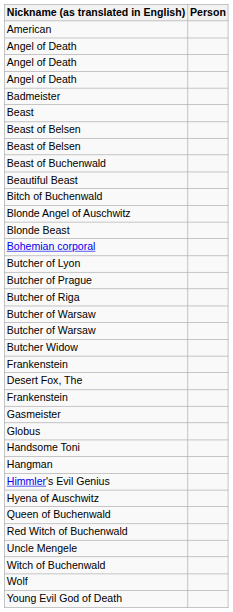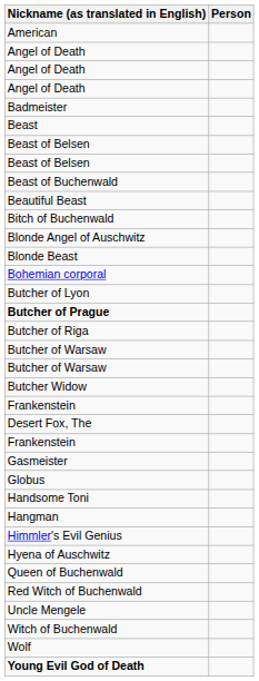 <table class="wikitable sortable plainrowheaders" style="text-align:left">
 <tr>
 <th scope="col">Nickname (as translated in English)</th>
 <th scope="col">Person</th>
 </tr>
 <tr>
 <td>American</td>
 <td></td>
 </tr>
 <tr>
 <td>Angel of Death</td>
 <td></td>
 </tr>
 <tr>
 <td>Angel of Death</td>
 <td></td>
 </tr>
 <tr>
 <td>Angel of Death</td>
 <td></td>
 </tr>
 <tr>
 <td>Badmeister</td>
 <td></td>
 </tr>
 <tr>
 <td>Beast</td>
 <td></td>
 </tr>
 <tr>
 <td>Beast of Belsen</td>
 <td></td>
 </tr>
 <tr>
 <td>Beast of Belsen</td>
 <td></td>
 </tr>
 <tr>
 <td>Beast of Buchenwald</td>
 <td></td>
 </tr>
 <tr>
 <td>Beautiful Beast</td>
 <td></td>
 </tr>
 <tr>
 <td>Bitch of Buchenwald</td>
 <td></td>
 </tr>
 <tr>
 <td>Blonde Angel of Auschwitz</td>
 <td></td>
 </tr>
 <tr>
 <td>Blonde Beast</td>
 <td></td>
 </tr>
 <tr>
 <td><a href='#'>Bohemian corporal</a></td>
 <td></td>
 </tr>
 <tr>
 <td>Butcher of Lyon</td>
 <td></td>
 </tr>
 <tr>
-<td>Butcher of Prague</td>
+<td><strong>Butcher of Prague</strong></td>
 <td></td>
 </tr>
 <tr>
 <td>Butcher of Riga</td>
 <td></td>
 </tr>
 <tr>
 <td>Butcher of Warsaw</td>
 <td></td>
 </tr>
 <tr>
 <td>Butcher of Warsaw</td>
 <td></td>
 </tr>
 <tr>
 <td>Butcher Widow</td>
 <td></td>
 </tr>
 <tr>
 <td>Frankenstein</td>
 <td></td>
 </tr>
 <tr>
 <td>Desert Fox, The</td>
 <td></td>
 </tr>
 <tr>
 <td>Frankenstein</td>
 <td></td>
 </tr>
 <tr>
 <td>Gasmeister</td>
 <td></td>
 </tr>
 <tr>
 <td>Globus</td>
 <td></td>
 </tr>
 <tr>
 <td>Handsome Toni</td>
 <td></td>
 </tr>
 <tr>
 <td>Hangman</td>
 <td></td>
 </tr>
 <tr>
 <td><a href='#'>Himmler</a>'s Evil Genius</td>
 <td></td>
 </tr>
 <tr>
 <td>Hyena of Auschwitz</td>
 <td></td>
 </tr>
 <tr>
 <td>Queen of Buchenwald</td>
 <td></td>
 </tr>
 <tr>
 <td>Red Witch of Buchenwald</td>
 <td></td>
 </tr>
 <tr>
 <td>Uncle Mengele</td>
 <td></td>
 </tr>
 <tr>
 <td>Witch of Buchenwald</td>
 <td></td>
 </tr>
 <tr>
 <td>Wolf</td>
 <td></td>
 </tr>
 <tr>
-<td>Young Evil God of Death</td>
+<td><strong>Young Evil God of Death</strong></td>
 <td></td>
 </tr>
 </table>
